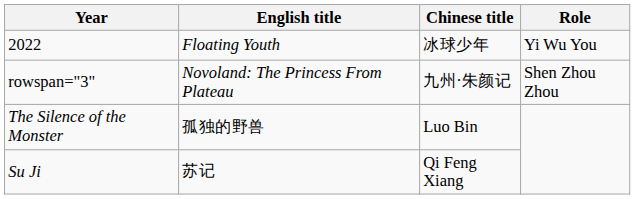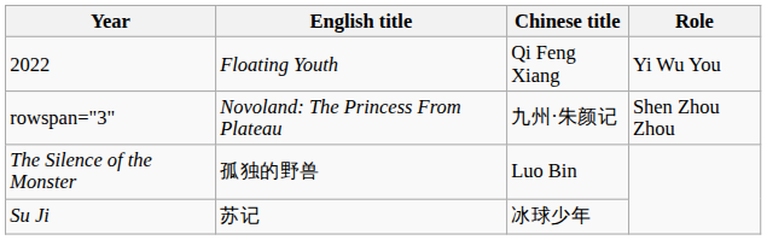 <table class="wikitable sortable">
 <tr>
 <th>Year</th>
 <th>English title</th>
 <th>Chinese title</th>
 <th>Role</th>
 </tr>
 <tr>
 <td>2022</td>
 <td><em>Floating Youth</em></td>
-<td>冰球少年</td>
+<td>Qi Feng Xiang</td>
 <td>Yi Wu You</td>
 </tr>
 <tr>
 <td>rowspan="3" </td>
 <td><em>Novoland: The Princess From Plateau</em></td>
 <td>九州·朱颜记</td>
 <td>Shen Zhou Zhou</td>
 </tr>
 <tr>
 <td><em>The Silence of the Monster</em></td>
 <td>孤独的野兽</td>
 <td>Luo Bin</td>
 </tr>
 <tr>
 <td><em>Su Ji</em></td>
 <td>苏记</td>
-<td>Qi Feng Xiang</td>
+<td>冰球少年</td>
 </tr>
 </table>
